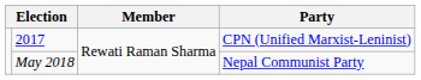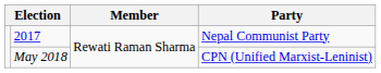 <table class="wikitable">
 <tr>
 <th colspan="2">Election</th>
 <th>Member</th>
 <th>Party</th>
 </tr>
 <tr>
 <td rowspan="2" style="background-color:"></td>
 <td><a href='#'>2017</a></td>
 <td rowspan="2">Rewati Raman Sharma</td>
-<td><a href='#'>CPN (Unified Marxist-Leninist)</a></td>
+<td><a href='#'>Nepal Communist Party</a></td>
 </tr>
 <tr>
 <td><em>May 2018</em></td>
-<td><a href='#'>Nepal Communist Party</a></td>
+<td><a href='#'>CPN (Unified Marxist-Leninist)</a></td>
 </tr>
 </table>
